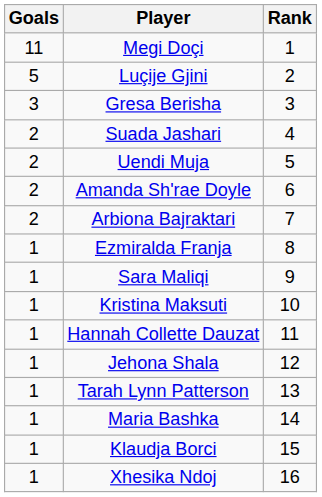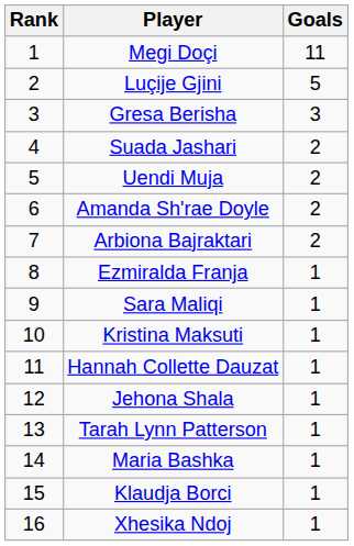 <table class="wikitable" style="text-align:center">
 <tr>
+<th>Rank</th>
+<th>Player</th>
 <th>Goals</th>
-<th>Player</th>
-<th>Rank</th>
 </tr>
 <tr>
+<td rowspan=1>1</td>
+<td><a href='#'>Megi Doçi</a></td>
 <td>11</td>
-<td><a href='#'>Megi Doçi</a></td>
-<td rowspan=1>1</td>
 </tr>
 <tr>
+<td rowspan=1>2</td>
+<td><a href='#'>Luçije Gjini</a></td>
 <td>5</td>
-<td><a href='#'>Luçije Gjini</a></td>
-<td rowspan=1>2</td>
 </tr>
 <tr>
+<td rowspan=1>3</td>
+<td><a href='#'>Gresa Berisha</a></td>
 <td>3</td>
-<td><a href='#'>Gresa Berisha</a></td>
-<td rowspan=1>3</td>
 </tr>
 <tr>
+<td rowspan=1>4</td>
+<td><a href='#'>Suada Jashari</a></td>
 <td>2</td>
-<td><a href='#'>Suada Jashari</a></td>
-<td rowspan=1>4</td>
 </tr>
 <tr>
+<td rowspan=1>5</td>
+<td><a href='#'>Uendi Muja</a></td>
 <td>2</td>
-<td><a href='#'>Uendi Muja</a></td>
-<td rowspan=1>5</td>
 </tr>
 <tr>
+<td rowspan=1>6</td>
+<td><a href='#'>Amanda Sh'rae Doyle</a></td>
 <td>2</td>
-<td><a href='#'>Amanda Sh'rae Doyle</a></td>
-<td rowspan=1>6</td>
 </tr>
 <tr>
+<td rowspan=1>7</td>
+<td><a href='#'>Arbiona Bajraktari</a></td>
 <td>2</td>
-<td><a href='#'>Arbiona Bajraktari</a></td>
-<td rowspan=1>7</td>
 </tr>
 <tr>
+<td rowspan=1>8</td>
+<td><a href='#'>Ezmiralda Franja</a></td>
 <td>1</td>
-<td><a href='#'>Ezmiralda Franja</a></td>
-<td rowspan=1>8</td>
 </tr>
 <tr>
+<td rowspan=1>9</td>
+<td><a href='#'>Sara Maliqi</a></td>
 <td>1</td>
-<td><a href='#'>Sara Maliqi</a></td>
-<td rowspan=1>9</td>
 </tr>
 <tr>
+<td rowspan=1>10</td>
+<td><a href='#'>Kristina Maksuti</a></td>
 <td>1</td>
-<td><a href='#'>Kristina Maksuti</a></td>
-<td rowspan=1>10</td>
 </tr>
 <tr>
+<td rowspan=1>11</td>
+<td><a href='#'>Hannah Collette Dauzat</a></td>
 <td>1</td>
-<td><a href='#'>Hannah Collette Dauzat</a></td>
-<td rowspan=1>11</td>
 </tr>
 <tr>
+<td rowspan=1>12</td>
+<td><a href='#'>Jehona Shala</a></td>
 <td>1</td>
-<td><a href='#'>Jehona Shala</a></td>
-<td rowspan=1>12</td>
 </tr>
 <tr>
+<td rowspan=1>13</td>
+<td><a href='#'>Tarah Lynn Patterson</a></td>
 <td>1</td>
-<td><a href='#'>Tarah Lynn Patterson</a></td>
-<td rowspan=1>13</td>
 </tr>
 <tr>
+<td rowspan=1>14</td>
+<td><a href='#'>Maria Bashka</a></td>
 <td>1</td>
-<td><a href='#'>Maria Bashka</a></td>
-<td rowspan=1>14</td>
 </tr>
 <tr>
+<td rowspan=1>15</td>
+<td><a href='#'>Klaudja Borci</a></td>
 <td>1</td>
-<td><a href='#'>Klaudja Borci</a></td>
-<td rowspan=1>15</td>
 </tr>
 <tr>
+<td rowspan=1>16</td>
+<td><a href='#'>Xhesika Ndoj</a></td>
 <td>1</td>
-<td><a href='#'>Xhesika Ndoj</a></td>
-<td rowspan=1>16</td>
 </tr>
 </table>
